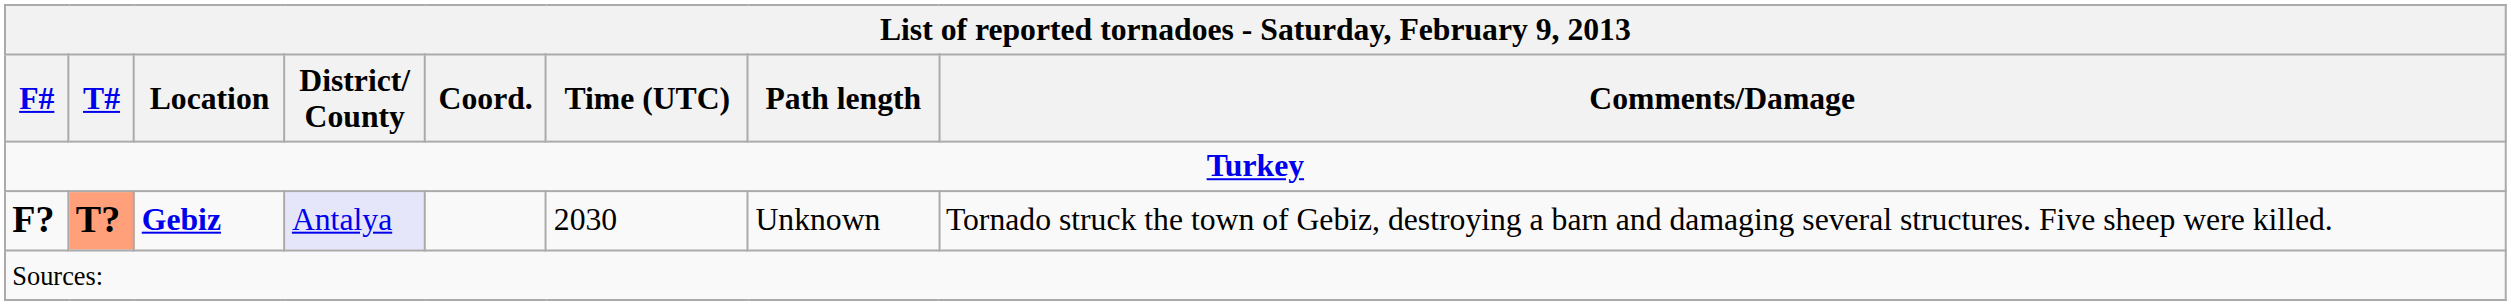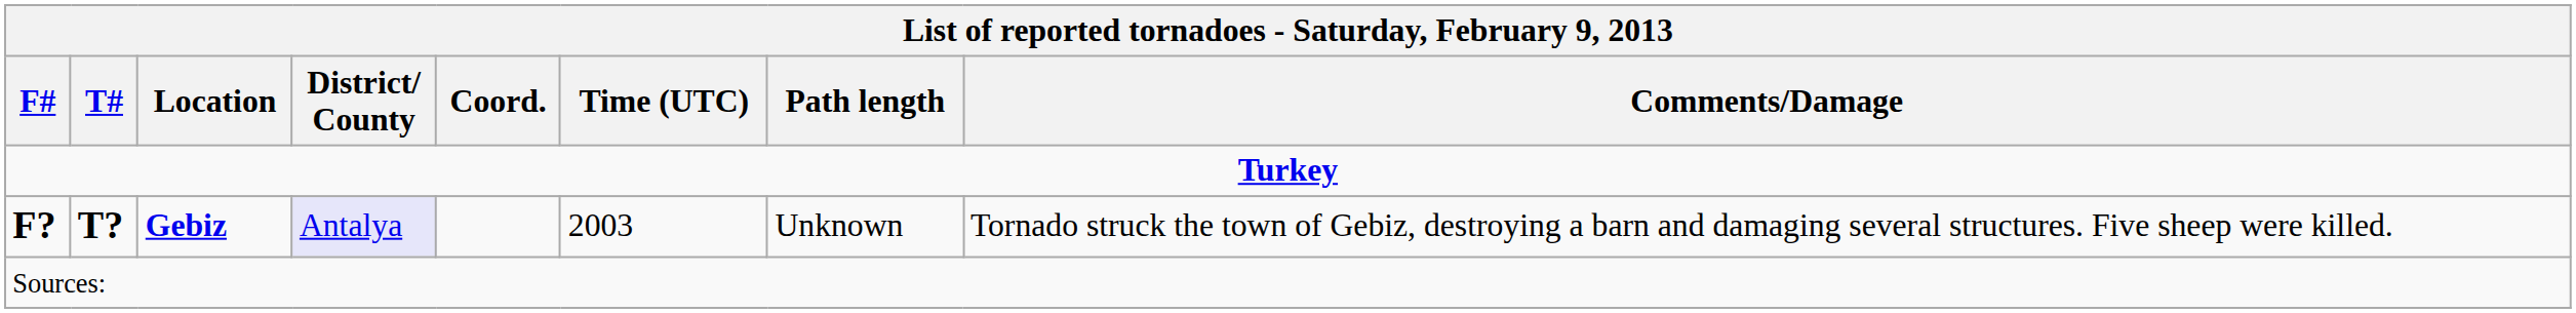 <table class="wikitable collapsible" width="100%">
 <tr>
 <th colspan="8">List of reported tornadoes - Saturday, February 9, 2013</th>
 </tr>
 <tr>
 <th><a href='#'>F#</a></th>
 <th><a href='#'>T#</a></th>
 <th>Location</th>
 <th>District/<br>County</th>
 <th>Coord.</th>
 <th>Time (UTC)</th>
 <th>Path length</th>
 <th>Comments/Damage</th>
 </tr>
 <tr>
 <td colspan="8" align=center><strong><a href='#'>Turkey</a></strong></td>
 </tr>
 <tr>
 <td><big><strong>F?</strong></big></td>
-<td style="background: lightsalmon;"><big><strong>T?</strong></big></td>
+<td><big><strong>T?</strong></big></td>
 <td><strong><a href='#'>Gebiz</a></strong></td>
 <td style="background: lavender;"><a href='#'>Antalya</a></td>
 <td></td>
-<td>2030</td>
+<td>2003</td>
 <td>Unknown</td>
 <td>Tornado struck the town of Gebiz, destroying a barn and damaging several structures. Five sheep were killed.</td>
 </tr>
 <tr>
 <td colspan="8"><small>Sources:  </small></td>
 </tr>
 </table>
